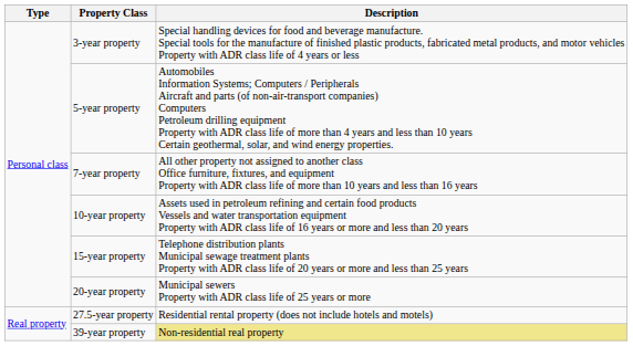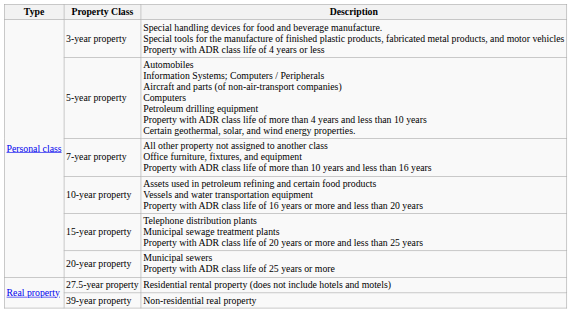 <table class="wikitable">
 <tr>
 <th>Type</th>
 <th>Property Class</th>
 <th>Description</th>
 </tr>
 <tr>
 <td rowspan="6"><a href='#'>Personal class</a><br></td>
 <td>3-year property</td>
 <td>Special handling devices for food and beverage manufacture. <br>Special tools for the manufacture of finished plastic products, fabricated metal products, and motor vehicles<br>Property with ADR class life of 4 years or less</td>
 </tr>
 <tr>
 <td>5-year property</td>
 <td>Automobiles<br>Information Systems; Computers / Peripherals<br>Aircraft and parts (of non-air-transport companies)<br>Computers<br>Petroleum drilling equipment<br>Property with ADR class life of more than 4 years and less than 10 years<br>Certain geothermal, solar, and wind energy properties.</td>
 </tr>
 <tr>
 <td>7-year property</td>
 <td>All other property not assigned to another class<br>Office furniture, fixtures, and equipment<br>Property with ADR class life of more than 10 years and less than 16 years</td>
 </tr>
 <tr>
 <td>10-year property</td>
 <td>Assets used in petroleum refining and certain food products<br>Vessels and water transportation equipment<br>Property with ADR class life of 16 years or more and less than 20 years</td>
 </tr>
 <tr>
 <td>15-year property</td>
 <td>Telephone distribution plants<br>Municipal sewage treatment plants<br>Property with ADR class life of 20 years or more and less than 25 years</td>
 </tr>
 <tr>
 <td>20-year property</td>
 <td>Municipal sewers<br>Property with ADR class life of 25 years or more</td>
 </tr>
 <tr>
 <td rowspan="2"><a href='#'>Real property</a></td>
 <td>27.5-year property</td>
 <td>Residential rental property (does not include hotels and motels)</td>
 </tr>
 <tr>
 <td>39-year property</td>
-<td style="background: khaki;">Non-residential real property</td>
+<td>Non-residential real property</td>
 </tr>
 </table>
